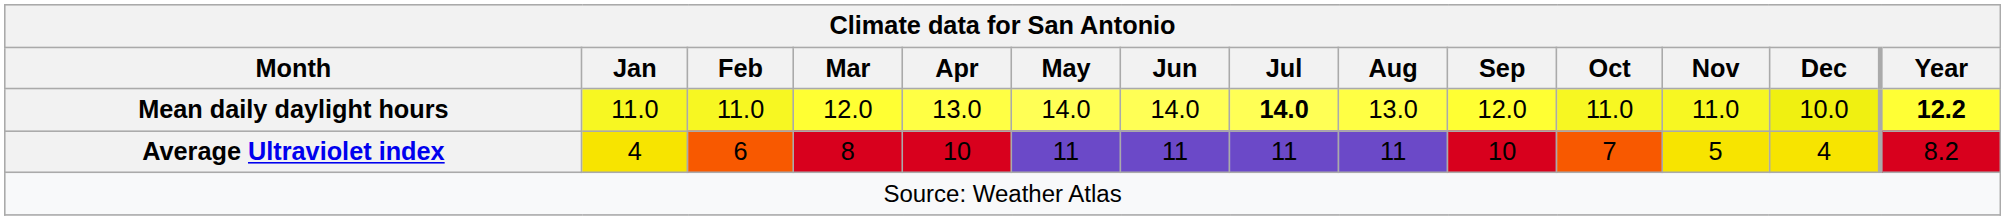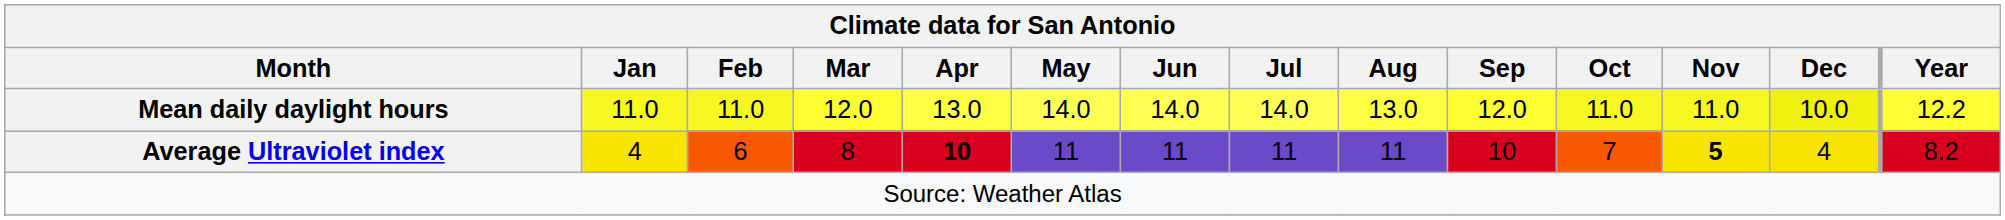 <table style="width:100%;text-align:center;line-height:1.2em;margin-left:auto;margin-right:auto" class="wikitable mw-collapsible mw-collapsed">
 <tr>
 <th Colspan=14>Climate data for San Antonio</th>
 </tr>
 <tr>
 <th>Month</th>
 <th>Jan</th>
 <th>Feb</th>
 <th>Mar</th>
 <th>Apr</th>
 <th>May</th>
 <th>Jun</th>
 <th>Jul</th>
 <th>Aug</th>
 <th>Sep</th>
 <th>Oct</th>
 <th>Nov</th>
 <th>Dec</th>
 <th style="border-left-width:medium">Year</th>
 </tr>
 <tr>
 <th>Mean daily daylight hours</th>
 <td style="background:#F7F722;color:#000000;">11.0</td>
 <td style="background:#F7F722;color:#000000;">11.0</td>
 <td style="background:#FFFF33;color:#000000;">12.0</td>
 <td style="background:#FFFF44;color:#000000;">13.0</td>
 <td style="background:#FFFF55;color:#000000;">14.0</td>
 <td style="background:#FFFF55;color:#000000;">14.0</td>
-<td style="background:#FFFF55;color:#000000;"><strong>14.0</strong></td>
+<td style="background:#FFFF55;color:#000000;">14.0</td>
 <td style="background:#FFFF44;color:#000000;">13.0</td>
 <td style="background:#FFFF33;color:#000000;">12.0</td>
 <td style="background:#F7F722;color:#000000;">11.0</td>
 <td style="background:#F7F722;color:#000000;">11.0</td>
 <td style="background:#F0F011;color:#000000;">10.0</td>
-<td style="background:#FFFF35;color:#000000;border-left-width:medium"><strong>12.2</strong></td>
+<td style="background:#FFFF35;color:#000000;border-left-width:medium">12.2</td>
 </tr>
 <tr>
 <th>Average <a href='#'>Ultraviolet index</a></th>
 <td style="background:#f7e400;color:#000000;">4</td>
 <td style="background:#f85900;color:#000000;">6</td>
 <td style="background:#d8001d;color:#000000;">8</td>
-<td style="background:#d8001d;color:#000000;">10</td>
+<td style="background:#d8001d;color:#000000;"><strong>10</strong></td>
 <td style="background:#6b49c8;color:#000000;">11</td>
 <td style="background:#6b49c8;color:#000000;">11</td>
 <td style="background:#6b49c8;color:#000000;">11</td>
 <td style="background:#6b49c8;color:#000000;">11</td>
 <td style="background:#d8001d;color:#000000;">10</td>
 <td style="background:#f85900;color:#000000;">7</td>
-<td style="background:#f7e400;color:#000000;">5</td>
+<td style="background:#f7e400;color:#000000;"><strong>5</strong></td>
 <td style="background:#f7e400;color:#000000;">4</td>
 <td style="background:#d8001d;color:#000000;border-left-width:medium">8.2</td>
 </tr>
 <tr>
 <th Colspan=14 style="background:#f8f9fa;font-weight:normal;font-size:95%;">Source: Weather Atlas</th>
 </tr>
 </table>
